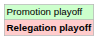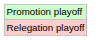 <table class=wikitable>
 <tr>
 <td bgcolor=ccffcc>Promotion playoff</td>
 </tr>
 <tr>
-<td bgcolor=ffcccc><strong>Relegation playoff</strong></td>
+<td bgcolor=ffcccc>Relegation playoff</td>
 </tr>
 </table>
